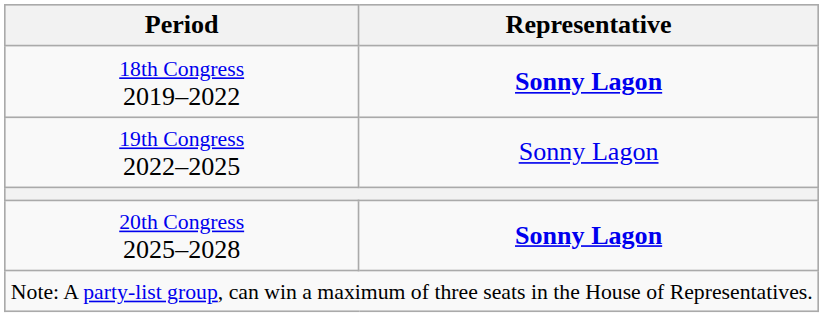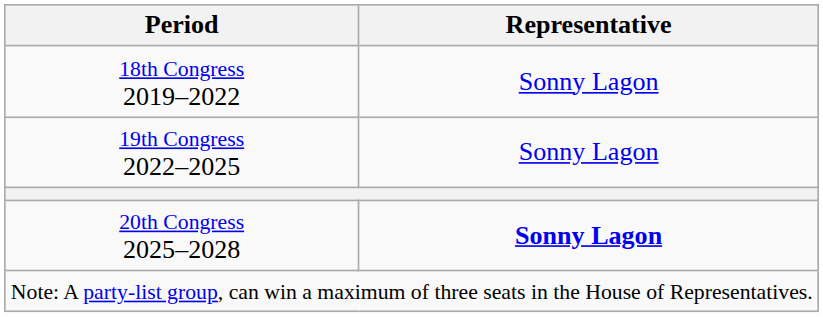 <table class="wikitable"; style="text-align:center">
 <tr>
 <th>Period</th>
 <th>Representative</th>
 </tr>
 <tr>
 <td><small><a href='#'>18th Congress</a></small><br>2019–2022</td>
-<td><strong><a href='#'>Sonny Lagon</a></strong></td>
+<td><a href='#'>Sonny Lagon</a></td>
 </tr>
 <tr>
 <td><small><a href='#'>19th Congress</a></small><br>2022–2025</td>
 <td><a href='#'>Sonny Lagon</a></td>
 </tr>
 <tr>
 <th colspan=2></th>
 </tr>
 <tr>
 <td><small><a href='#'>20th Congress</a></small><br>2025–2028<br></td>
 <td><strong><a href='#'>Sonny Lagon</a></strong></td>
 </tr>
 <tr>
 <td colspan=2><small>Note: A <a href='#'>party-list group</a>, can win a maximum of three seats in the House of Representatives.</small></td>
 </tr>
 </table>
